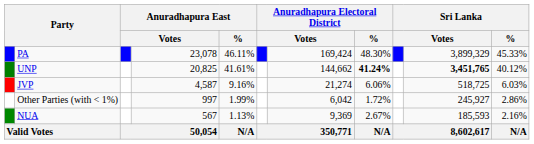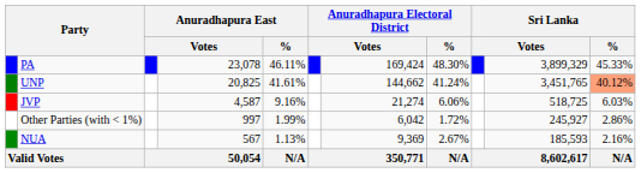 <table class="wikitable">
 <tr>
 <th colspan="2" width="144px"rowspan="2">Party</th>
 <th colspan="3" width="216px">Anuradhapura East</th>
 <th colspan="3" width="216px"><a href='#'>Anuradhapura Electoral District</a></th>
 <th colspan="3" width="216px">Sri Lanka</th>
 </tr>
 <tr>
 <th colspan="2" width="144px">Votes</th>
 <th>%</th>
 <th colspan="2" width="144px">Votes</th>
 <th>%</th>
 <th colspan="2" width="144px">Votes</th>
 <th>%</th>
 </tr>
 <tr>
 <td style="background-color:blue;" width="10px"></td>
 <td style="text-align:left;"><a href='#'>PA</a></td>
 <td style="background-color:blue;" width="10px"></td>
 <td style="text-align:right;">23,078</td>
 <td style="text-align:right;">46.11%</td>
 <td style="background-color:blue;" width="10px"></td>
 <td style="text-align:right;">169,424</td>
 <td style="text-align:right;">48.30%</td>
 <td style="background-color:blue;" width="10px"></td>
 <td style="text-align:right;">3,899,329</td>
 <td style="text-align:right;">45.33%</td>
 </tr>
 <tr>
 <td style="background-color:green;" width="10px"></td>
 <td style="text-align:left;"><a href='#'>UNP</a></td>
 <td style="background-color:white;" width="10px"></td>
 <td style="text-align:right;">20,825</td>
 <td style="text-align:right;">41.61%</td>
 <td style="background-color:white;" width="10px"></td>
 <td style="text-align:right;">144,662</td>
-<td style="text-align:right;"><strong>41.24%</strong></td>
+<td style="text-align:right;">41.24%</td>
 <td style="background-color:white;" width="10px"></td>
-<td style="text-align:right;"><strong>3,451,765</strong></td>
-<td style="text-align:right;">40.12%</td>
+<td style="text-align:right;">3,451,765</td>
+<td style="background: lightsalmon; text-align:right;">40.12%</td>
 </tr>
 <tr>
 <td style="background-color:red;" width="10px"></td>
 <td style="text-align:left;"><a href='#'>JVP</a></td>
 <td style="background-color:white;" width="10px"></td>
 <td style="text-align:right;">4,587</td>
 <td style="text-align:right;">9.16%</td>
 <td style="background-color:white;" width="10px"></td>
 <td style="text-align:right;">21,274</td>
 <td style="text-align:right;">6.06%</td>
 <td style="background-color:white;" width="10px"></td>
 <td style="text-align:right;">518,725</td>
 <td style="text-align:right;">6.03%</td>
 </tr>
 <tr>
 <td style="background-color:white;" width="10px"></td>
 <td style="text-align:left;">Other Parties (with < 1%)</td>
 <td style="background-color:white;" width="10px"></td>
 <td style="text-align:right;">997</td>
 <td style="text-align:right;">1.99%</td>
 <td style="background-color:white;" width="10px"></td>
 <td style="text-align:right;">6,042</td>
 <td style="text-align:right;">1.72%</td>
 <td style="background-color:white;" width="10px"></td>
 <td style="text-align:right;">245,927</td>
 <td style="text-align:right;">2.86%</td>
 </tr>
 <tr>
 <td style="background-color:#008800;" width="10px"></td>
 <td style="text-align:left;"><a href='#'>NUA</a></td>
 <td style="background-color:white;" width="10px"></td>
 <td style="text-align:right;">567</td>
 <td style="text-align:right;">1.13%</td>
 <td style="background-color:white;" width="10px"></td>
 <td style="text-align:right;">9,369</td>
 <td style="text-align:right;">2.67%</td>
 <td style="background-color:white;" width="10px"></td>
 <td style="text-align:right;">185,593</td>
 <td style="text-align:right;">2.16%</td>
 </tr>
 <tr>
 <th colspan="2" width="144px"style="text-align:left;">Valid Votes</th>
 <th style="text-align:right;"colspan="2" width="144px">50,054</th>
 <th style="text-align:right;">N/A</th>
 <th style="text-align:right;"colspan="2" width="144px">350,771</th>
 <th style="text-align:right;">N/A</th>
 <th style="text-align:right;"colspan="2" width="144px">8,602,617</th>
 <th style="text-align:right;">N/A</th>
 </tr>
 </table>
